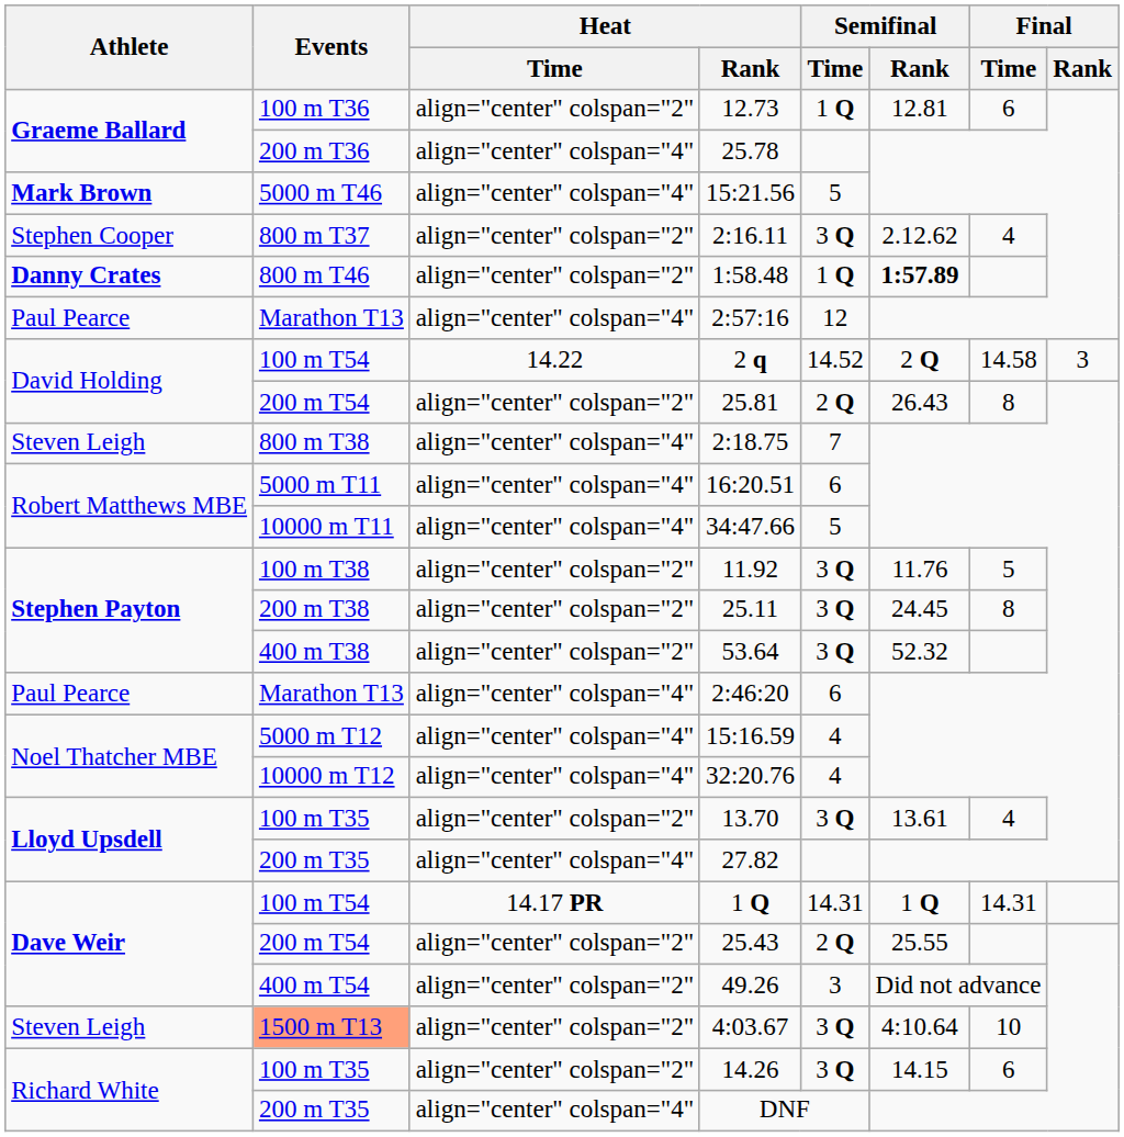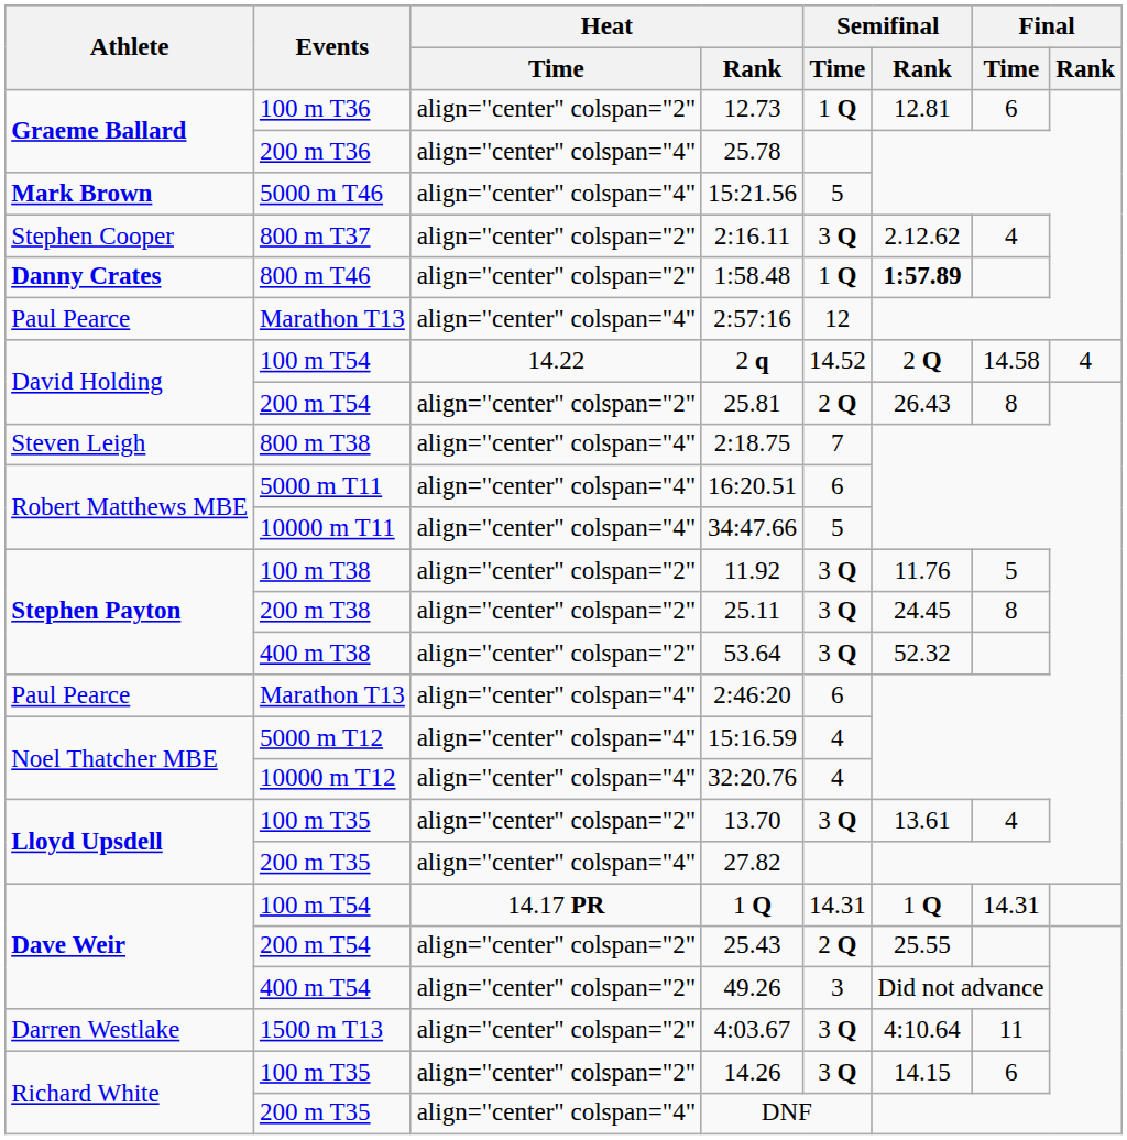 <table class=wikitable style="font-size:90%">
 <tr>
 <th rowspan="2">Athlete</th>
 <th rowspan="2">Events</th>
 <th colspan="2">Heat</th>
 <th colspan="2">Semifinal</th>
 <th colspan="2">Final</th>
 </tr>
 <tr>
 <th>Time</th>
 <th>Rank</th>
 <th>Time</th>
 <th>Rank</th>
 <th>Time</th>
 <th>Rank</th>
 </tr>
 <tr>
 <td rowspan="2"><strong><a href='#'>Graeme Ballard</a></strong></td>
 <td><a href='#'>100 m T36</a></td>
 <td>align="center" colspan="2" </td>
 <td align="center">12.73</td>
 <td align="center">1 <strong>Q</strong></td>
 <td align="center">12.81</td>
 <td align="center">6</td>
 </tr>
 <tr>
 <td><a href='#'>200 m T36</a></td>
 <td>align="center" colspan="4" </td>
 <td align="center">25.78</td>
 <td align="center"></td>
 </tr>
 <tr>
 <td><strong><a href='#'>Mark Brown</a></strong></td>
 <td><a href='#'>5000 m T46</a></td>
 <td>align="center" colspan="4" </td>
 <td align="center">15:21.56</td>
 <td align="center">5</td>
 </tr>
 <tr>
 <td><a href='#'>Stephen Cooper</a></td>
 <td><a href='#'>800 m T37</a></td>
 <td>align="center" colspan="2" </td>
 <td align="center">2:16.11</td>
 <td align="center">3 <strong>Q</strong></td>
 <td align="center">2.12.62</td>
 <td align="center">4</td>
 </tr>
 <tr>
 <td><strong><a href='#'>Danny Crates</a></strong></td>
 <td><a href='#'>800 m T46</a></td>
 <td>align="center" colspan="2" </td>
 <td align="center">1:58.48</td>
 <td align="center">1 <strong>Q</strong></td>
 <td align="center"><strong>1:57.89</strong></td>
 <td align="center"></td>
 </tr>
 <tr>
 <td><a href='#'>Paul Pearce</a></td>
 <td><a href='#'>Marathon T13</a></td>
 <td>align="center" colspan="4" </td>
 <td align="center">2:57:16</td>
 <td align="center">12</td>
 </tr>
 <tr>
 <td rowspan="2"><a href='#'>David Holding</a></td>
 <td><a href='#'>100 m T54</a></td>
 <td align="center">14.22</td>
 <td align="center">2 <strong>q</strong></td>
 <td align="center">14.52</td>
 <td align="center">2 <strong>Q</strong></td>
 <td align="center">14.58</td>
-<td align="center">3</td>
+<td align="center">4</td>
 </tr>
 <tr>
 <td><a href='#'>200 m T54</a></td>
 <td>align="center" colspan="2" </td>
 <td align="center">25.81</td>
 <td align="center">2 <strong>Q</strong></td>
 <td align="center">26.43</td>
 <td align="center">8</td>
 </tr>
 <tr>
 <td><a href='#'>Steven Leigh</a></td>
 <td><a href='#'>800 m T38</a></td>
 <td>align="center" colspan="4" </td>
 <td align="center">2:18.75</td>
 <td align="center">7</td>
 </tr>
 <tr>
 <td rowspan="2"><a href='#'>Robert Matthews MBE</a></td>
 <td><a href='#'>5000 m T11</a></td>
 <td>align="center" colspan="4" </td>
 <td align="center">16:20.51</td>
 <td align="center">6</td>
 </tr>
 <tr>
 <td><a href='#'>10000 m T11</a></td>
 <td>align="center" colspan="4" </td>
 <td align="center">34:47.66</td>
 <td align="center">5</td>
 </tr>
 <tr>
 <td rowspan="3"><strong><a href='#'>Stephen Payton</a></strong></td>
 <td><a href='#'>100 m T38</a></td>
 <td>align="center" colspan="2" </td>
 <td align="center">11.92</td>
 <td align="center">3 <strong>Q</strong></td>
 <td align="center">11.76</td>
 <td align="center">5</td>
 </tr>
 <tr>
 <td><a href='#'>200 m T38</a></td>
 <td>align="center" colspan="2" </td>
 <td align="center">25.11</td>
 <td align="center">3 <strong>Q</strong></td>
 <td align="center">24.45</td>
 <td align="center">8</td>
 </tr>
 <tr>
 <td><a href='#'>400 m T38</a></td>
 <td>align="center" colspan="2" </td>
 <td align="center">53.64</td>
 <td align="center">3 <strong>Q</strong></td>
 <td align="center">52.32</td>
 <td align="center"></td>
 </tr>
 <tr>
 <td><a href='#'>Paul Pearce</a></td>
 <td><a href='#'>Marathon T13</a></td>
 <td>align="center" colspan="4" </td>
 <td align="center">2:46:20</td>
 <td align="center">6</td>
 </tr>
 <tr>
 <td rowspan="2"><a href='#'>Noel Thatcher MBE</a></td>
 <td><a href='#'>5000 m T12</a></td>
 <td>align="center" colspan="4" </td>
 <td align="center">15:16.59</td>
 <td align="center">4</td>
 </tr>
 <tr>
 <td><a href='#'>10000 m T12</a></td>
 <td>align="center" colspan="4" </td>
 <td align="center">32:20.76</td>
 <td align="center">4</td>
 </tr>
 <tr>
 <td rowspan="2"><strong><a href='#'>Lloyd Upsdell</a></strong></td>
 <td><a href='#'>100 m T35</a></td>
 <td>align="center" colspan="2" </td>
 <td align="center">13.70</td>
 <td align="center">3 <strong>Q</strong></td>
 <td align="center">13.61</td>
 <td align="center">4</td>
 </tr>
 <tr>
 <td><a href='#'>200 m T35</a></td>
 <td>align="center" colspan="4" </td>
 <td align="center">27.82</td>
 <td align="center"></td>
 </tr>
 <tr>
 <td rowspan="3"><strong><a href='#'>Dave Weir</a></strong></td>
 <td><a href='#'>100 m T54</a></td>
 <td align="center">14.17 <strong>PR</strong></td>
 <td align="center">1 <strong>Q</strong></td>
 <td align="center">14.31</td>
 <td align="center">1 <strong>Q</strong></td>
 <td align="center">14.31</td>
 <td align="center"></td>
 </tr>
 <tr>
 <td><a href='#'>200 m T54</a></td>
 <td>align="center" colspan="2" </td>
 <td align="center">25.43</td>
 <td align="center">2 <strong>Q</strong></td>
 <td align="center">25.55</td>
 <td align="center"></td>
 </tr>
 <tr>
 <td><a href='#'>400 m T54</a></td>
 <td>align="center" colspan="2" </td>
 <td align="center">49.26</td>
 <td align="center">3</td>
 <td align="center" colspan="2">Did not advance</td>
 </tr>
 <tr>
-<td><a href='#'>Steven Leigh</a></td>
-<td style="background: lightsalmon;"><a href='#'>1500 m T13</a></td>
+<td><a href='#'>Darren Westlake</a></td>
+<td><a href='#'>1500 m T13</a></td>
 <td>align="center" colspan="2" </td>
 <td align="center">4:03.67</td>
 <td align="center">3 <strong>Q</strong></td>
 <td align="center">4:10.64</td>
-<td align="center">10</td>
+<td align="center">11</td>
 </tr>
 <tr>
 <td rowspan="2"><a href='#'>Richard White</a></td>
 <td><a href='#'>100 m T35</a></td>
 <td>align="center" colspan="2" </td>
 <td align="center">14.26</td>
 <td align="center">3 <strong>Q</strong></td>
 <td align="center">14.15</td>
 <td align="center">6</td>
 </tr>
 <tr>
 <td><a href='#'>200 m T35</a></td>
 <td>align="center" colspan="4" </td>
 <td align="center" colspan="2">DNF</td>
 </tr>
 </table>
